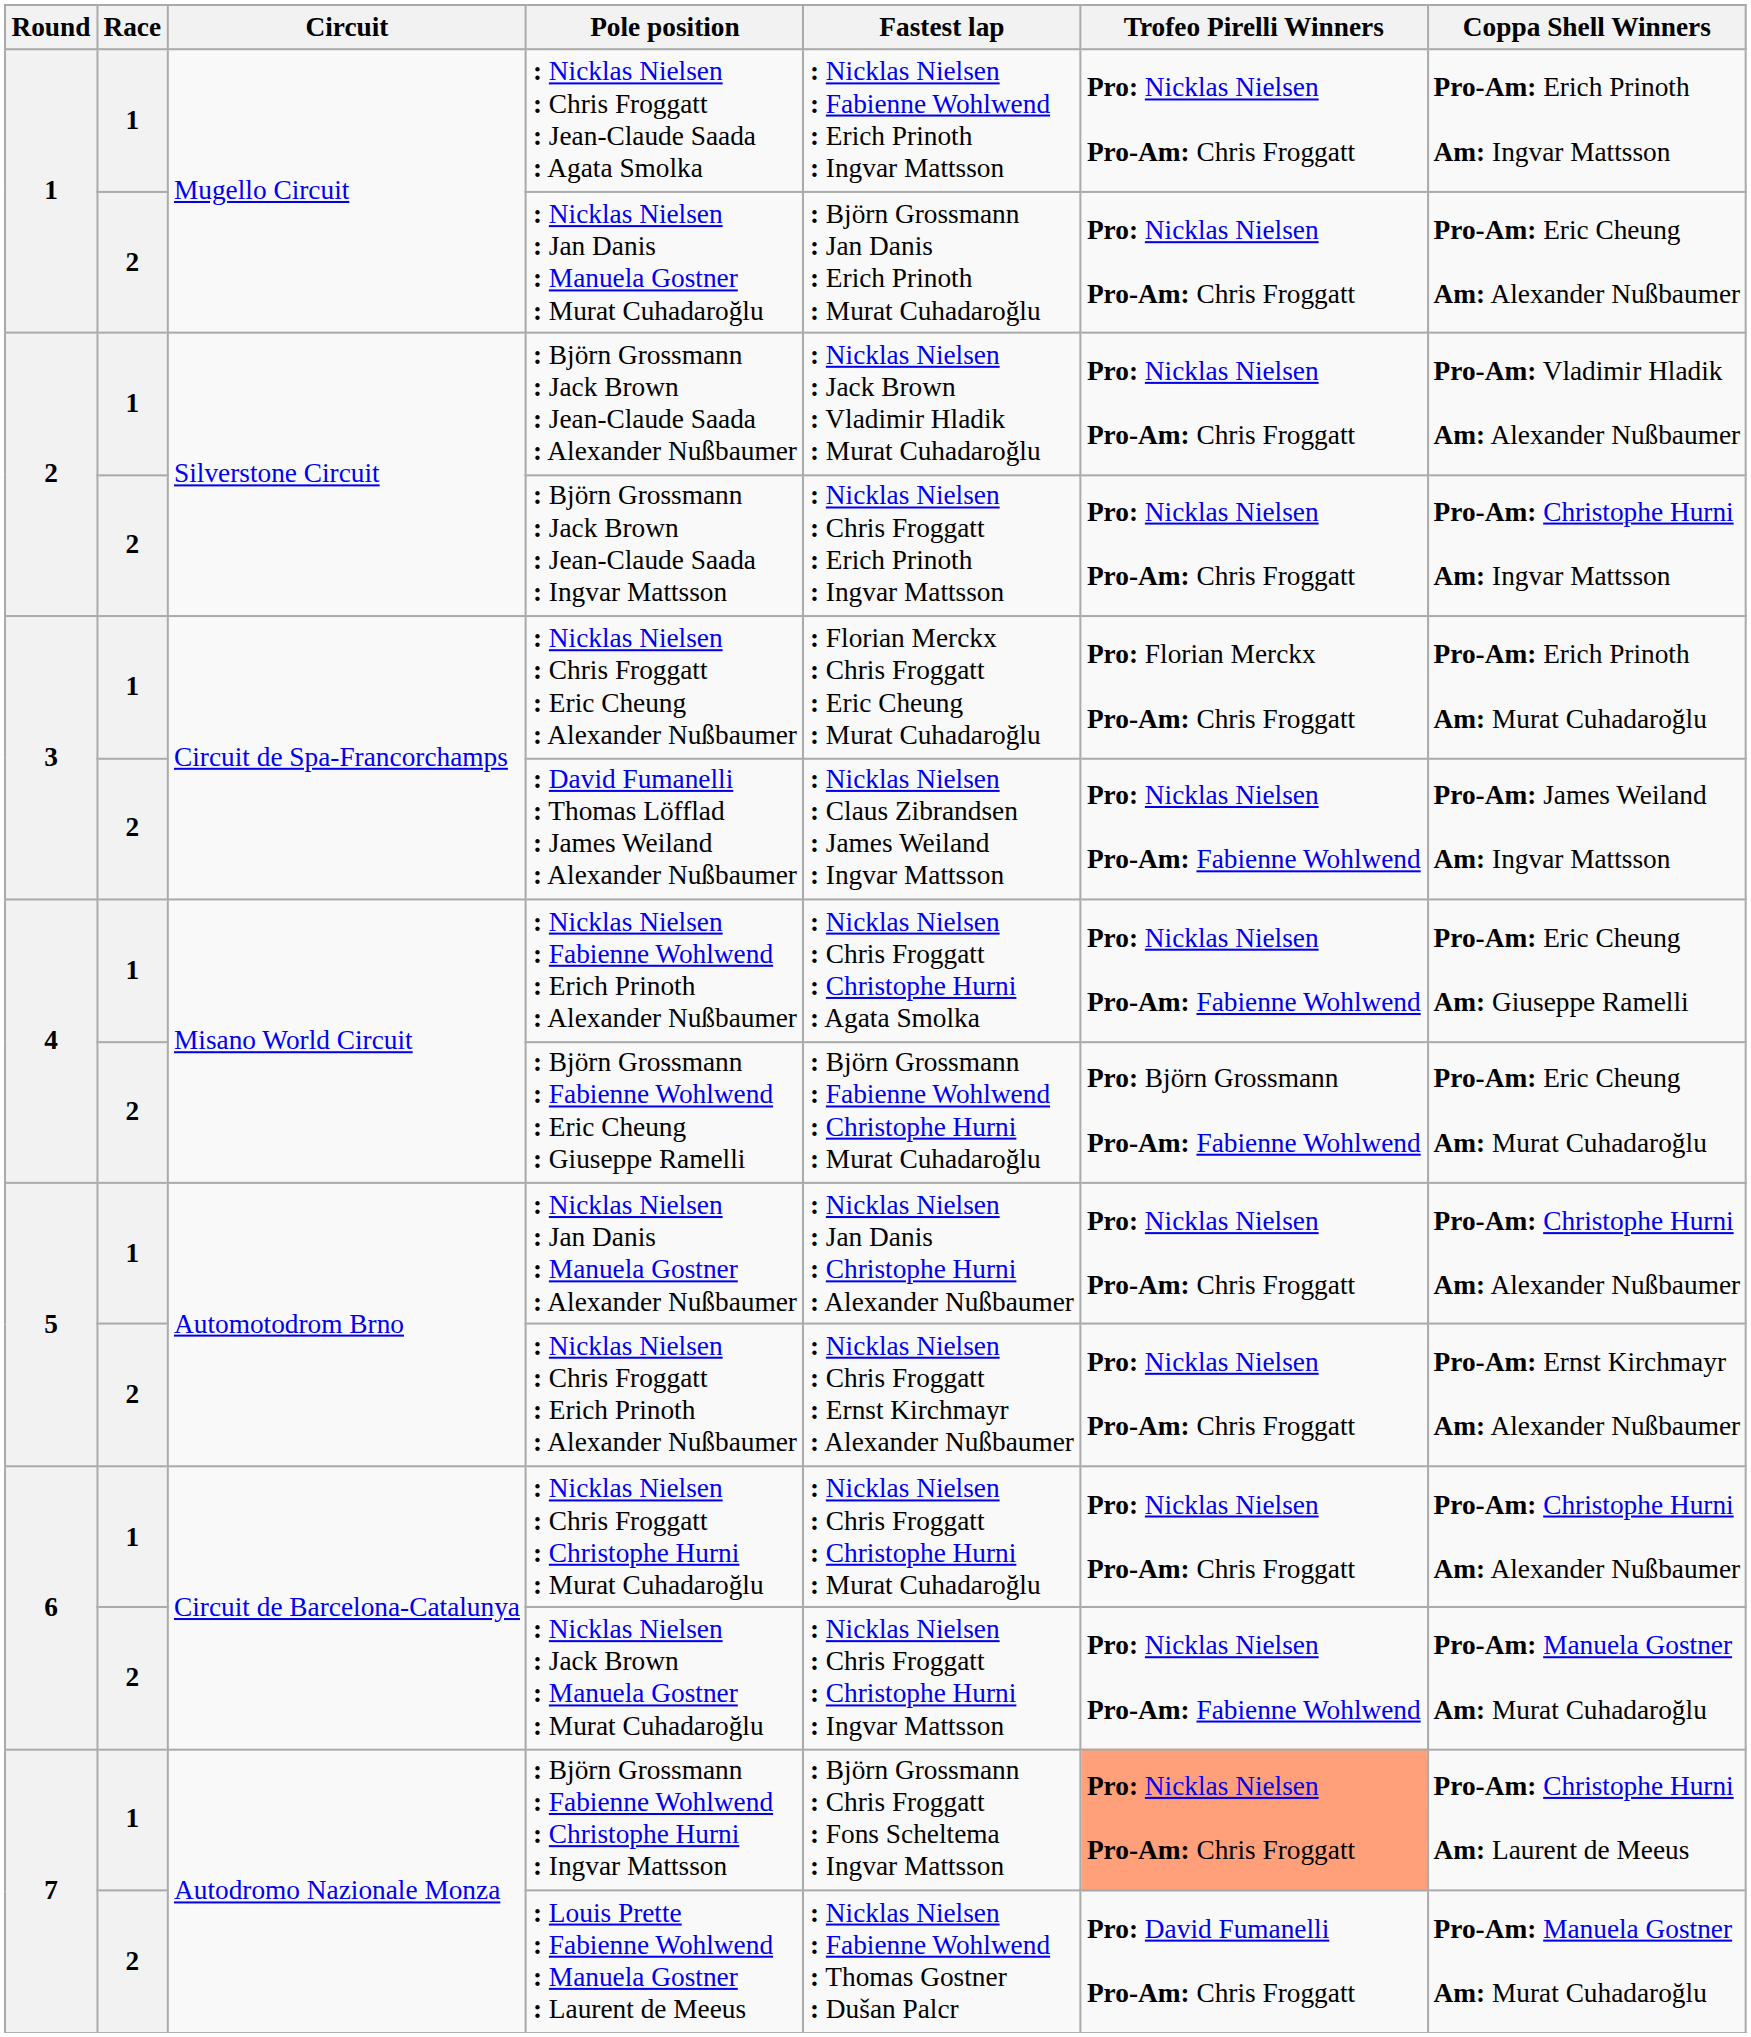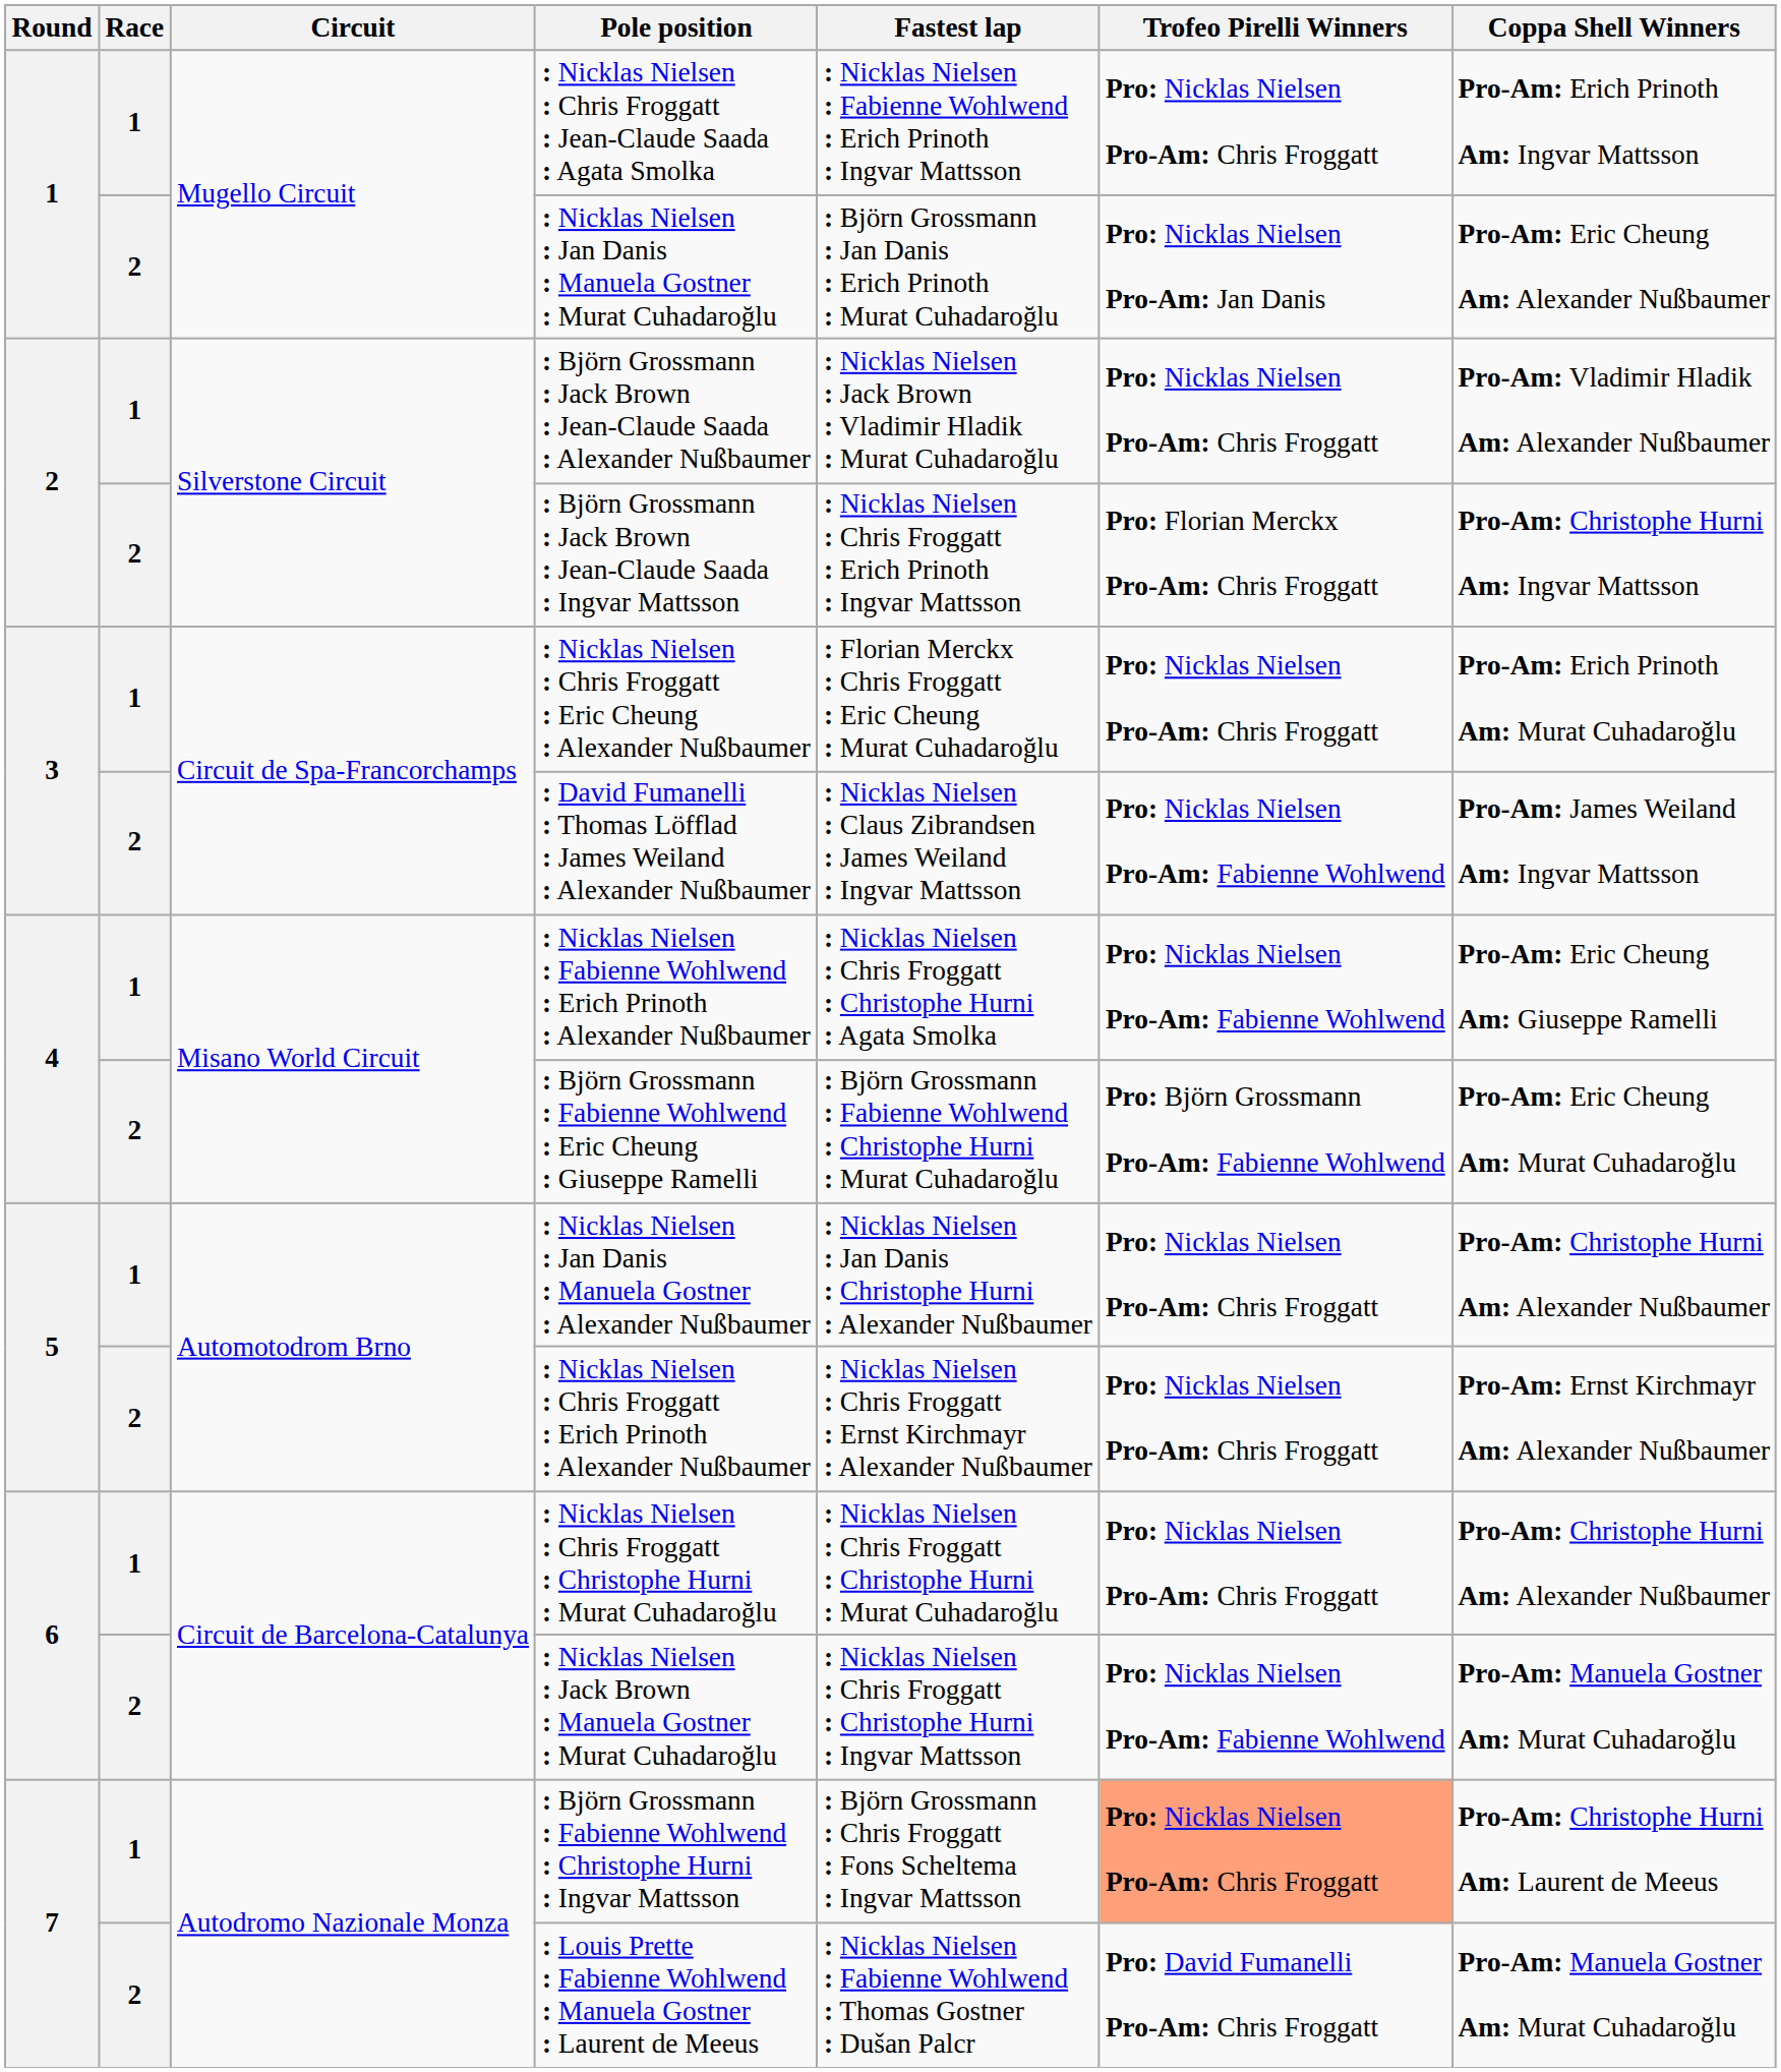 <table class="wikitable" style="font-size: 85%;">
 <tr>
 <th>Round</th>
 <th>Race</th>
 <th>Circuit</th>
 <th>Pole position</th>
 <th>Fastest lap</th>
 <th>Trofeo Pirelli Winners</th>
 <th>Coppa Shell Winners</th>
 </tr>
 <tr>
 <th rowspan=2>1</th>
 <th>1</th>
 <td rowspan=2> <a href='#'>Mugello Circuit</a></td>
 <td><strong>:</strong>  <a href='#'>Nicklas Nielsen</a><br><strong>:</strong>  Chris Froggatt<br><strong>:</strong>  Jean-Claude Saada<br><strong>:</strong>  Agata Smolka</td>
 <td><strong>:</strong>  <a href='#'>Nicklas Nielsen</a><br><strong>:</strong>  <a href='#'>Fabienne Wohlwend</a><br><strong>:</strong>  Erich Prinoth<br><strong>:</strong>  Ingvar Mattsson</td>
 <td><strong>Pro:</strong>  <a href='#'>Nicklas Nielsen</a><br><br><strong>Pro-Am:</strong>  Chris Froggatt<br></td>
 <td><strong>Pro-Am:</strong>  Erich Prinoth<br><br><strong>Am:</strong>  Ingvar Mattsson<br></td>
 </tr>
 <tr>
 <th>2</th>
 <td><strong>:</strong>  <a href='#'>Nicklas Nielsen</a><br><strong>:</strong>  Jan Danis<br><strong>:</strong>  <a href='#'>Manuela Gostner</a><br><strong>:</strong>  Murat Cuhadaroğlu</td>
 <td><strong>:</strong>  Björn Grossmann<br><strong>:</strong>  Jan Danis<br><strong>:</strong>  Erich Prinoth<br><strong>:</strong>  Murat Cuhadaroğlu</td>
-<td><strong>Pro:</strong>  <a href='#'>Nicklas Nielsen</a><br><br><strong>Pro-Am:</strong>  Chris Froggatt<br></td>
+<td><strong>Pro:</strong>  <a href='#'>Nicklas Nielsen</a><br><br><strong>Pro-Am:</strong>  Jan Danis<br></td>
 <td><strong>Pro-Am:</strong>  Eric Cheung<br><br><strong>Am:</strong>  Alexander Nußbaumer<br></td>
 </tr>
 <tr>
 <th rowspan=2>2</th>
 <th>1</th>
 <td rowspan=2> <a href='#'>Silverstone Circuit</a></td>
 <td><strong>:</strong>  Björn Grossmann<br><strong>:</strong>  Jack Brown<br><strong>:</strong>  Jean-Claude Saada<br><strong>:</strong>  Alexander Nußbaumer</td>
 <td><strong>:</strong>  <a href='#'>Nicklas Nielsen</a><br><strong>:</strong>  Jack Brown<br><strong>:</strong>  Vladimir Hladik<br><strong>:</strong>  Murat Cuhadaroğlu</td>
 <td><strong>Pro:</strong>  <a href='#'>Nicklas Nielsen</a><br><br><strong>Pro-Am:</strong>  Chris Froggatt<br></td>
 <td><strong>Pro-Am:</strong>  Vladimir Hladik<br><br><strong>Am:</strong>  Alexander Nußbaumer<br></td>
 </tr>
 <tr>
 <th>2</th>
 <td><strong>:</strong>  Björn Grossmann<br><strong>:</strong>  Jack Brown<br><strong>:</strong>  Jean-Claude Saada<br><strong>:</strong>  Ingvar Mattsson</td>
 <td><strong>:</strong>  <a href='#'>Nicklas Nielsen</a><br><strong>:</strong>  Chris Froggatt<br><strong>:</strong>  Erich Prinoth<br><strong>:</strong>  Ingvar Mattsson</td>
-<td><strong>Pro:</strong>  <a href='#'>Nicklas Nielsen</a><br><br><strong>Pro-Am:</strong>  Chris Froggatt<br></td>
+<td><strong>Pro:</strong>  Florian Merckx<br><br><strong>Pro-Am:</strong>  Chris Froggatt<br></td>
 <td><strong>Pro-Am:</strong>  <a href='#'>Christophe Hurni</a><br><br><strong>Am:</strong>  Ingvar Mattsson<br></td>
 </tr>
 <tr>
 <th rowspan=2>3</th>
 <th>1</th>
 <td rowspan=2> <a href='#'>Circuit de Spa-Francorchamps</a></td>
 <td><strong>:</strong>  <a href='#'>Nicklas Nielsen</a><br><strong>:</strong>  Chris Froggatt<br><strong>:</strong>  Eric Cheung<br><strong>:</strong>  Alexander Nußbaumer</td>
 <td><strong>:</strong>  Florian Merckx<br><strong>:</strong>  Chris Froggatt<br><strong>:</strong>  Eric Cheung<br><strong>:</strong>  Murat Cuhadaroğlu</td>
-<td><strong>Pro:</strong>  Florian Merckx<br><br><strong>Pro-Am:</strong>  Chris Froggatt<br></td>
+<td><strong>Pro:</strong>  <a href='#'>Nicklas Nielsen</a><br><br><strong>Pro-Am:</strong>  Chris Froggatt<br></td>
 <td><strong>Pro-Am:</strong>  Erich Prinoth<br><br><strong>Am:</strong>  Murat Cuhadaroğlu<br></td>
 </tr>
 <tr>
 <th>2</th>
 <td><strong>:</strong>  <a href='#'>David Fumanelli</a><br><strong>:</strong>  Thomas Löfflad<br><strong>:</strong>  James Weiland<br><strong>:</strong>  Alexander Nußbaumer</td>
 <td><strong>:</strong>  <a href='#'>Nicklas Nielsen</a><br><strong>:</strong>  Claus Zibrandsen<br><strong>:</strong>  James Weiland<br><strong>:</strong>  Ingvar Mattsson</td>
 <td><strong>Pro:</strong>  <a href='#'>Nicklas Nielsen</a><br><br><strong>Pro-Am:</strong>  <a href='#'>Fabienne Wohlwend</a><br></td>
 <td><strong>Pro-Am:</strong>  James Weiland<br><br><strong>Am:</strong>  Ingvar Mattsson<br></td>
 </tr>
 <tr>
 <th rowspan=2>4</th>
 <th>1</th>
 <td rowspan=2> <a href='#'>Misano World Circuit</a></td>
 <td><strong>:</strong>  <a href='#'>Nicklas Nielsen</a><br><strong>:</strong>  <a href='#'>Fabienne Wohlwend</a><br><strong>:</strong>  Erich Prinoth<br><strong>:</strong>  Alexander Nußbaumer</td>
 <td><strong>:</strong>  <a href='#'>Nicklas Nielsen</a><br><strong>:</strong>  Chris Froggatt<br><strong>:</strong>  <a href='#'>Christophe Hurni</a><br><strong>:</strong>  Agata Smolka</td>
 <td><strong>Pro:</strong>  <a href='#'>Nicklas Nielsen</a><br><br><strong>Pro-Am:</strong>  <a href='#'>Fabienne Wohlwend</a><br></td>
 <td><strong>Pro-Am:</strong>  Eric Cheung<br><br><strong>Am:</strong>  Giuseppe Ramelli<br></td>
 </tr>
 <tr>
 <th>2</th>
 <td><strong>:</strong>  Björn Grossmann<br><strong>:</strong>  <a href='#'>Fabienne Wohlwend</a><br><strong>:</strong>  Eric Cheung<br><strong>:</strong>  Giuseppe Ramelli</td>
 <td><strong>:</strong>  Björn Grossmann<br><strong>:</strong>  <a href='#'>Fabienne Wohlwend</a><br><strong>:</strong>  <a href='#'>Christophe Hurni</a><br><strong>:</strong>  Murat Cuhadaroğlu</td>
 <td><strong>Pro:</strong>  Björn Grossmann<br><br><strong>Pro-Am:</strong>  <a href='#'>Fabienne Wohlwend</a><br></td>
 <td><strong>Pro-Am:</strong>  Eric Cheung<br><br><strong>Am:</strong>  Murat Cuhadaroğlu<br></td>
 </tr>
 <tr>
 <th rowspan=2>5</th>
 <th>1</th>
 <td rowspan=2> <a href='#'>Automotodrom Brno</a></td>
 <td><strong>:</strong>  <a href='#'>Nicklas Nielsen</a><br><strong>:</strong>  Jan Danis<br><strong>:</strong>  <a href='#'>Manuela Gostner</a><br><strong>:</strong>  Alexander Nußbaumer</td>
 <td><strong>:</strong>  <a href='#'>Nicklas Nielsen</a><br><strong>:</strong>  Jan Danis<br><strong>:</strong>  <a href='#'>Christophe Hurni</a><br><strong>:</strong>  Alexander Nußbaumer</td>
 <td><strong>Pro:</strong>  <a href='#'>Nicklas Nielsen</a><br><br><strong>Pro-Am:</strong>  Chris Froggatt<br></td>
 <td><strong>Pro-Am:</strong>  <a href='#'>Christophe Hurni</a><br><br><strong>Am:</strong>  Alexander Nußbaumer<br></td>
 </tr>
 <tr>
 <th>2</th>
 <td><strong>:</strong>  <a href='#'>Nicklas Nielsen</a><br><strong>:</strong>  Chris Froggatt<br><strong>:</strong>  Erich Prinoth<br><strong>:</strong>  Alexander Nußbaumer</td>
 <td><strong>:</strong>  <a href='#'>Nicklas Nielsen</a><br><strong>:</strong>  Chris Froggatt<br><strong>:</strong>  Ernst Kirchmayr<br><strong>:</strong>  Alexander Nußbaumer</td>
 <td><strong>Pro:</strong>  <a href='#'>Nicklas Nielsen</a><br><br><strong>Pro-Am:</strong>  Chris Froggatt<br></td>
 <td><strong>Pro-Am:</strong>  Ernst Kirchmayr<br><br><strong>Am:</strong>  Alexander Nußbaumer<br></td>
 </tr>
 <tr>
 <th rowspan=2>6</th>
 <th>1</th>
 <td rowspan=2> <a href='#'>Circuit de Barcelona-Catalunya</a></td>
 <td><strong>:</strong>  <a href='#'>Nicklas Nielsen</a><br><strong>:</strong>  Chris Froggatt<br><strong>:</strong>  <a href='#'>Christophe Hurni</a><br><strong>:</strong>  Murat Cuhadaroğlu</td>
 <td><strong>:</strong>  <a href='#'>Nicklas Nielsen</a><br><strong>:</strong>  Chris Froggatt<br><strong>:</strong>  <a href='#'>Christophe Hurni</a><br><strong>:</strong>  Murat Cuhadaroğlu</td>
 <td><strong>Pro:</strong>  <a href='#'>Nicklas Nielsen</a><br><br><strong>Pro-Am:</strong>  Chris Froggatt<br></td>
 <td><strong>Pro-Am:</strong>  <a href='#'>Christophe Hurni</a><br><br><strong>Am:</strong>  Alexander Nußbaumer<br></td>
 </tr>
 <tr>
 <th>2</th>
 <td><strong>:</strong>  <a href='#'>Nicklas Nielsen</a><br><strong>:</strong>  Jack Brown<br><strong>:</strong>  <a href='#'>Manuela Gostner</a><br><strong>:</strong>  Murat Cuhadaroğlu</td>
 <td><strong>:</strong>  <a href='#'>Nicklas Nielsen</a><br><strong>:</strong>  Chris Froggatt<br><strong>:</strong>  <a href='#'>Christophe Hurni</a><br><strong>:</strong>  Ingvar Mattsson</td>
 <td><strong>Pro:</strong>  <a href='#'>Nicklas Nielsen</a><br><br><strong>Pro-Am:</strong>  <a href='#'>Fabienne Wohlwend</a><br></td>
 <td><strong>Pro-Am:</strong>  <a href='#'>Manuela Gostner</a><br><br><strong>Am:</strong>  Murat Cuhadaroğlu<br></td>
 </tr>
 <tr>
 <th rowspan=2>7</th>
 <th>1</th>
 <td rowspan=2> <a href='#'>Autodromo Nazionale Monza</a></td>
 <td><strong>:</strong>  Björn Grossmann<br><strong>:</strong>  <a href='#'>Fabienne Wohlwend</a><br><strong>:</strong>  <a href='#'>Christophe Hurni</a><br><strong>:</strong>  Ingvar Mattsson</td>
 <td><strong>:</strong>  Björn Grossmann<br><strong>:</strong>  Chris Froggatt<br><strong>:</strong>  Fons Scheltema<br><strong>:</strong>  Ingvar Mattsson</td>
 <td style="background: lightsalmon;"><strong>Pro:</strong>  <a href='#'>Nicklas Nielsen</a><br><br><strong>Pro-Am:</strong>  Chris Froggatt<br></td>
 <td><strong>Pro-Am:</strong>  <a href='#'>Christophe Hurni</a><br><br><strong>Am:</strong>  Laurent de Meeus<br></td>
 </tr>
 <tr>
 <th>2</th>
 <td><strong>:</strong>  <a href='#'>Louis Prette</a><br><strong>:</strong>  <a href='#'>Fabienne Wohlwend</a><br><strong>:</strong>  <a href='#'>Manuela Gostner</a><br><strong>:</strong>  Laurent de Meeus</td>
 <td><strong>:</strong>  <a href='#'>Nicklas Nielsen</a><br><strong>:</strong>  <a href='#'>Fabienne Wohlwend</a><br><strong>:</strong>  Thomas Gostner<br><strong>:</strong>  Dušan Palcr</td>
 <td><strong>Pro:</strong>  <a href='#'>David Fumanelli</a><br><br><strong>Pro-Am:</strong>  Chris Froggatt<br></td>
 <td><strong>Pro-Am:</strong>  <a href='#'>Manuela Gostner</a><br><br><strong>Am:</strong>  Murat Cuhadaroğlu<br></td>
 </tr>
 </table>
